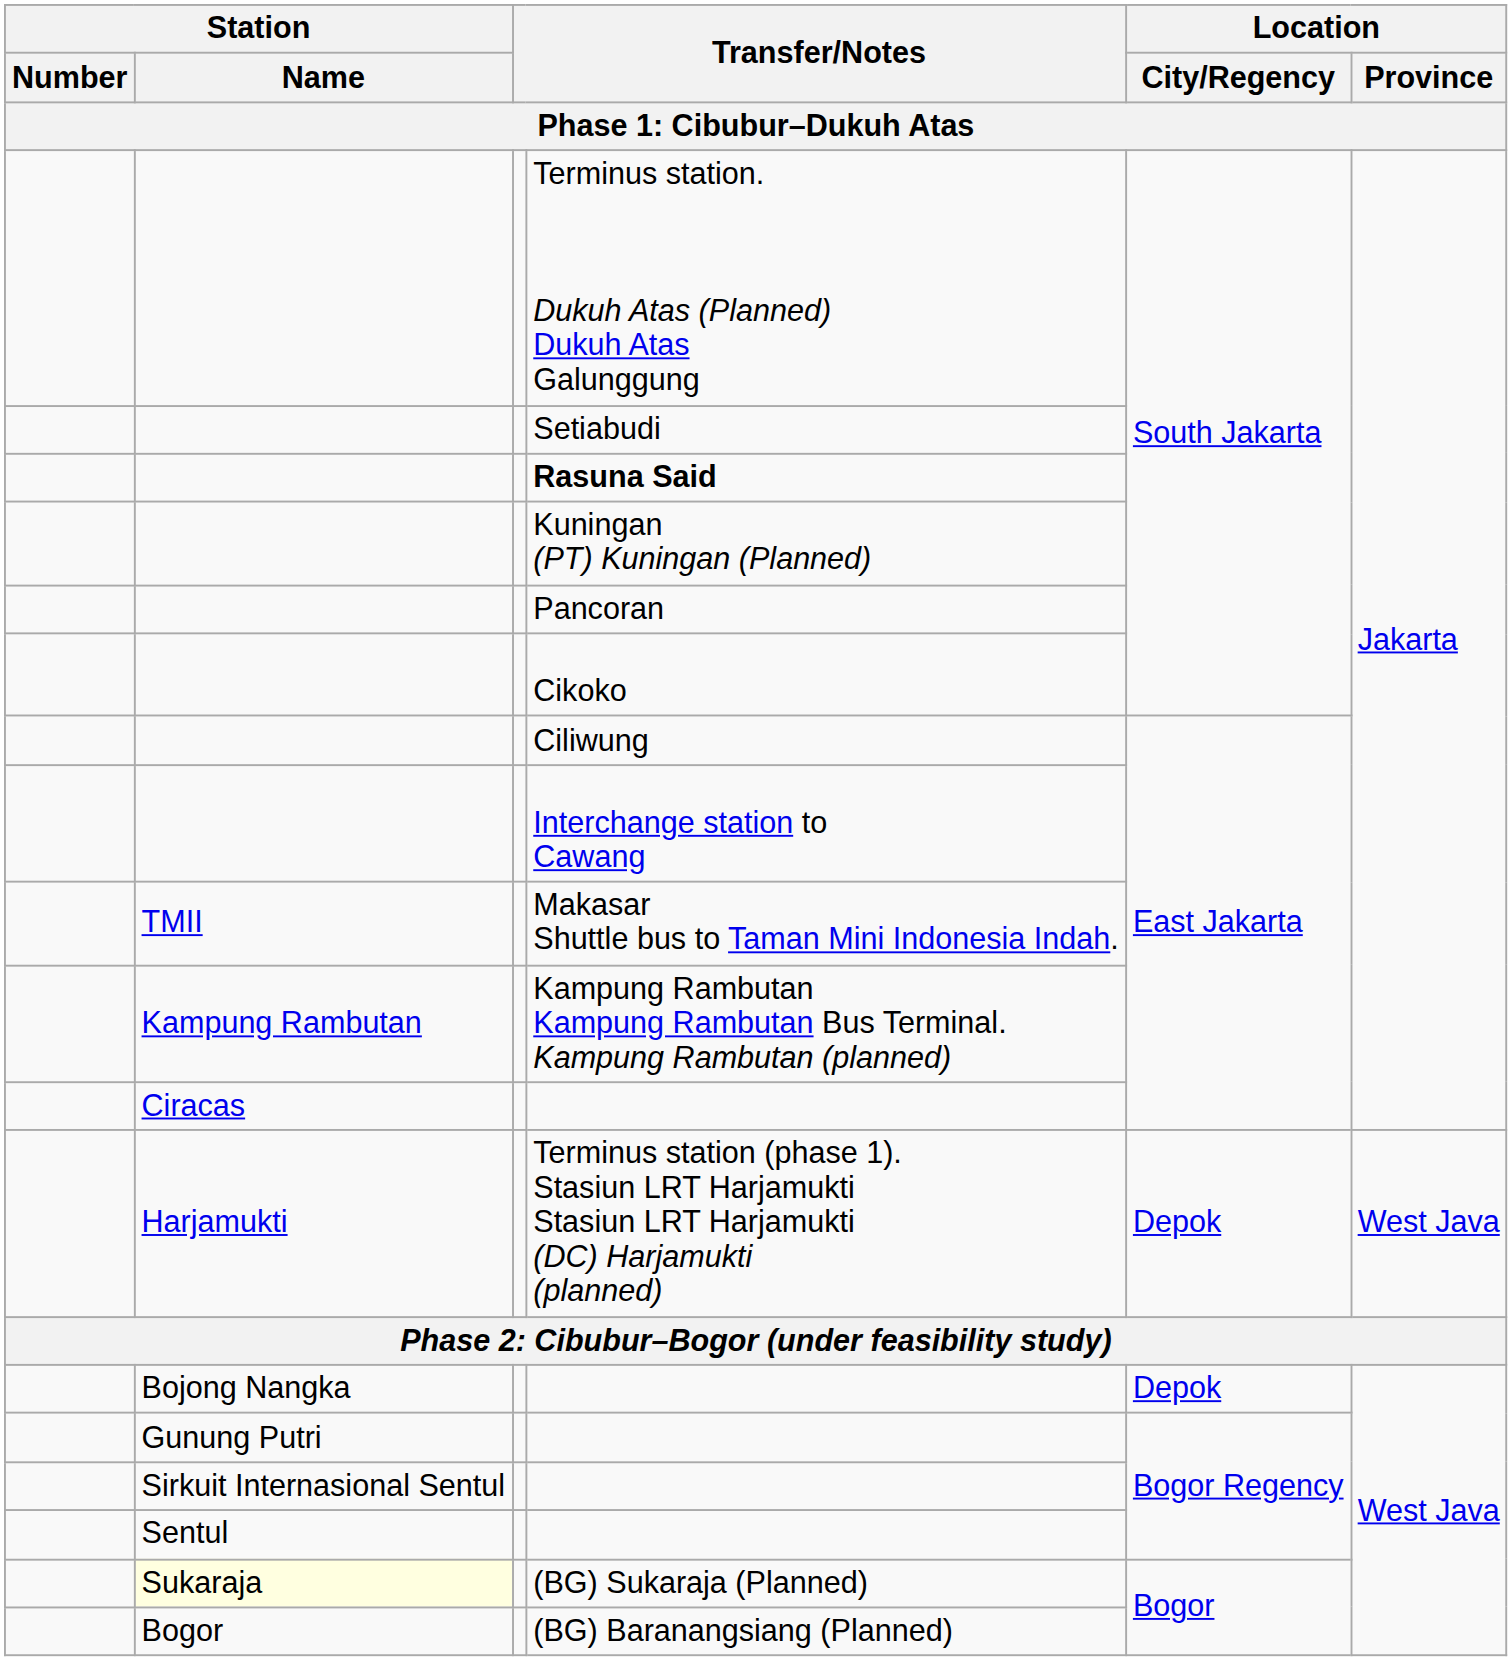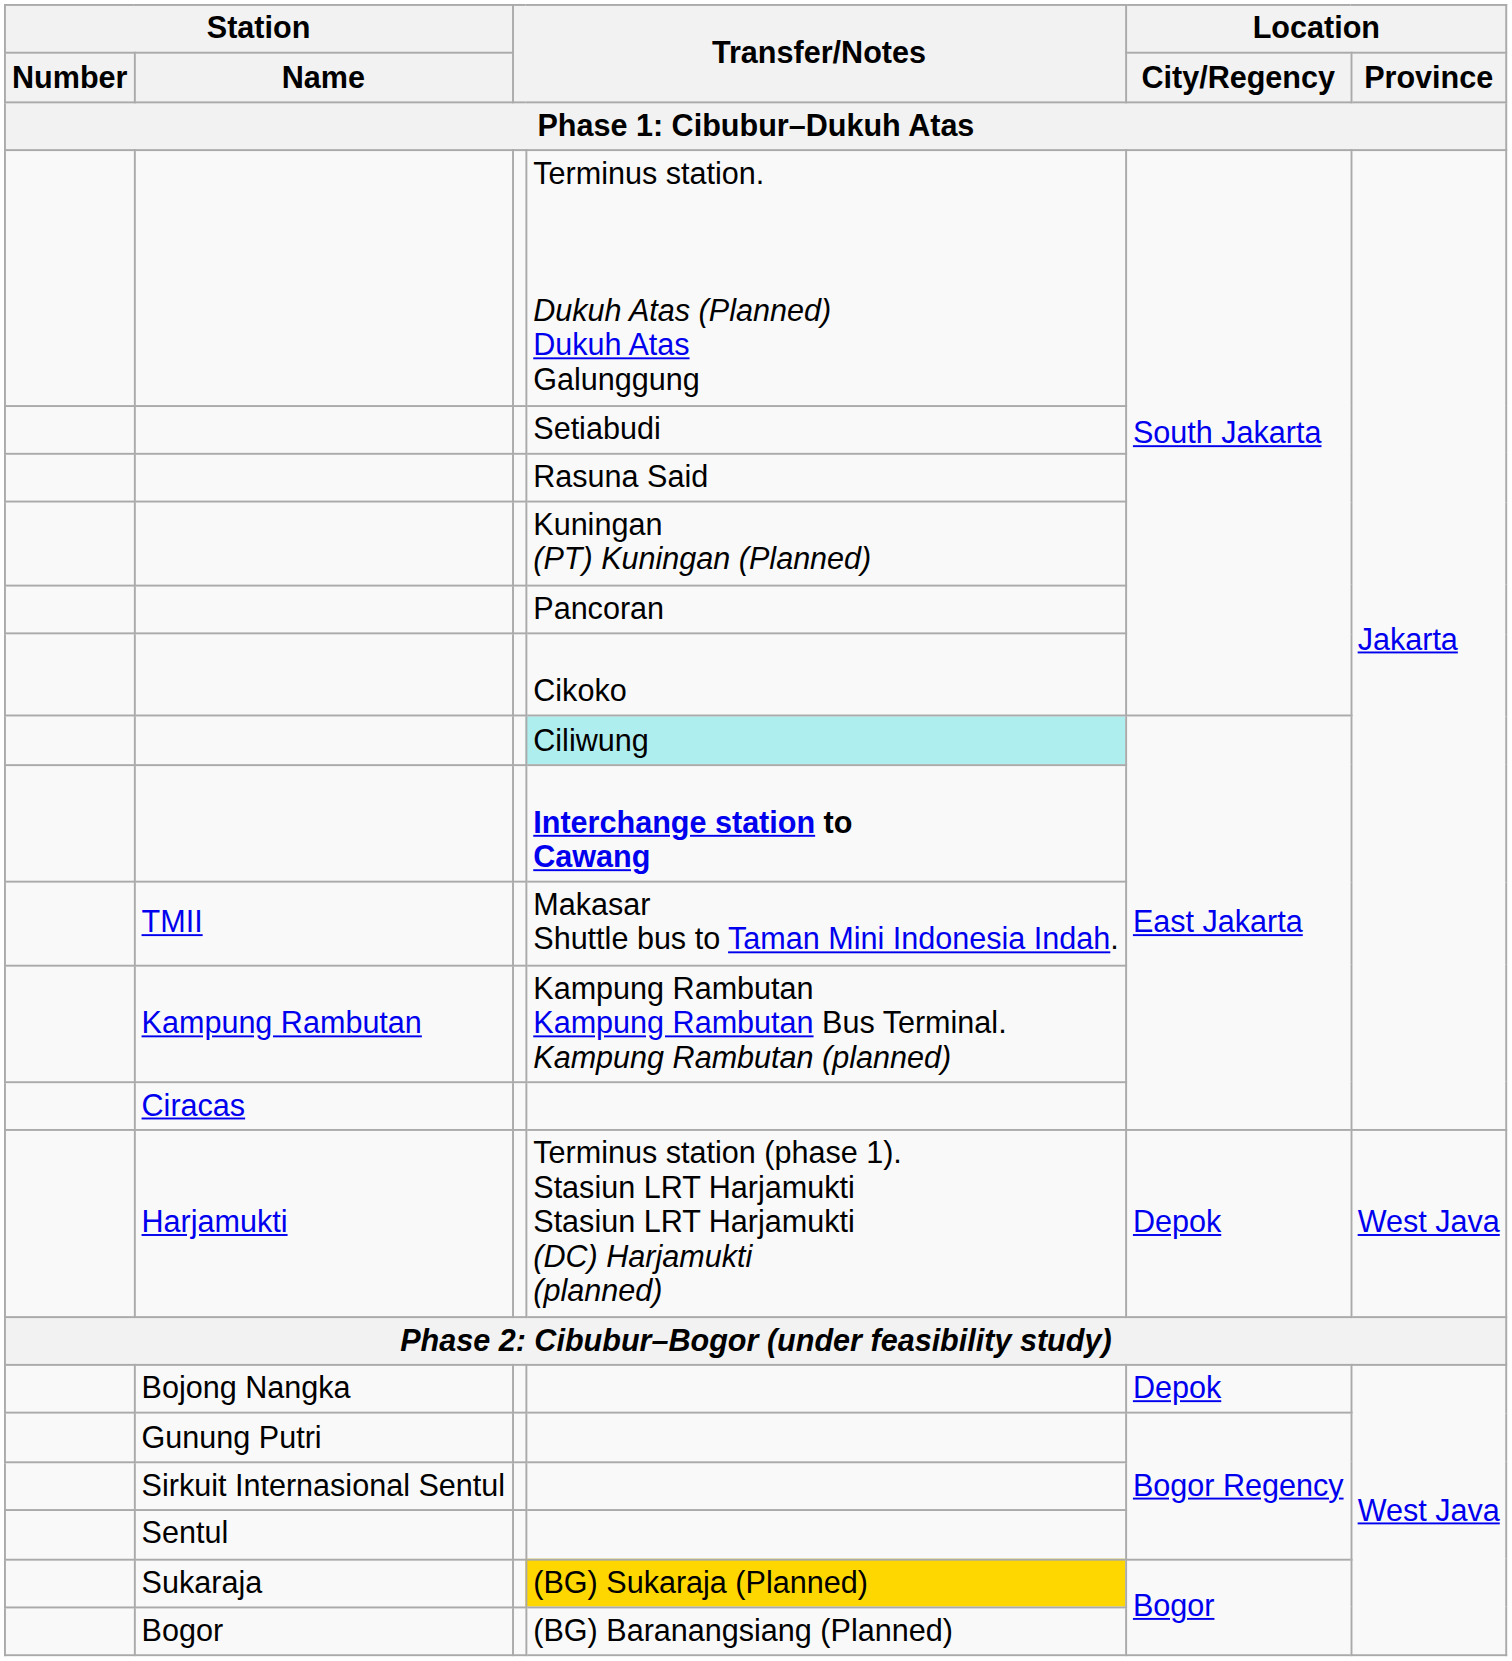 <table class="wikitable">
 <tr>
 <th colspan="2"> Station</th>
 <th colspan="2" rowspan="2">Transfer/Notes</th>
 <th colspan="2">Location</th>
 </tr>
 <tr>
 <th>Number</th>
 <th>Name</th>
 <th>City/Regency</th>
 <th>Province</th>
 </tr>
 <tr>
 <th colspan="6">Phase 1: Cibubur–Dukuh Atas</th>
 </tr>
 <tr>
 <td> </td>
 <td></td>
 <td></td>
 <td>Terminus station.<br> <br> <br>  <br> <em>Dukuh Atas (Planned)</em><br>  <a href='#'>Dukuh Atas</a><br>  Galunggung</td>
 <td rowspan="6"><a href='#'>South Jakarta</a></td>
 <td rowspan="11"><a href='#'>Jakarta</a></td>
 </tr>
 <tr>
 <td> </td>
 <td></td>
 <td></td>
 <td>    Setiabudi</td>
 </tr>
 <tr>
 <td> </td>
 <td></td>
 <td></td>
-<td><strong>    Rasuna Said</strong></td>
+<td>    Rasuna Said</td>
 </tr>
 <tr>
 <td> </td>
 <td></td>
 <td></td>
 <td>    Kuningan<br><em>(PT) Kuningan (Planned)</em></td>
 </tr>
 <tr>
 <td> </td>
 <td></td>
 <td></td>
 <td>    Pancoran</td>
 </tr>
 <tr>
 <td> </td>
 <td></td>
 <td></td>
 <td> <br>   Cikoko</td>
 </tr>
 <tr>
 <td> </td>
 <td></td>
 <td></td>
-<td>   Ciliwung</td>
+<td style="background: paleturquoise;">   Ciliwung</td>
 <td rowspan="5"><a href='#'>East Jakarta</a></td>
 </tr>
 <tr>
 <td> </td>
 <td></td>
 <td></td>
-<td><br><a href='#'>Interchange station</a> to <br>       <a href='#'>Cawang</a></td>
+<td><strong><br><a href='#'>Interchange station</a> to <br>       <a href='#'>Cawang</a></strong></td>
 </tr>
 <tr>
 <td></td>
 <td><a href='#'>TMII</a></td>
 <td></td>
 <td>   Makasar<br> Shuttle bus to <a href='#'>Taman Mini Indonesia Indah</a>.</td>
 </tr>
 <tr>
 <td></td>
 <td><a href='#'>Kampung Rambutan</a></td>
 <td></td>
 <td>   Kampung Rambutan<br> <a href='#'>Kampung Rambutan</a> Bus Terminal.<br> <em>Kampung Rambutan (planned)</em></td>
 </tr>
 <tr>
 <td></td>
 <td><a href='#'>Ciracas</a></td>
 <td></td>
 <td></td>
 </tr>
 <tr>
 <td></td>
 <td><a href='#'>Harjamukti</a></td>
 <td></td>
 <td>Terminus station (phase 1).<br>  Stasiun LRT Harjamukti<br> Stasiun LRT Harjamukti<br><em>(DC) Harjamukti</em><br><em>(planned)</em></td>
 <td rowspan="1"><a href='#'>Depok</a></td>
 <td rowspan="1"><a href='#'>West Java</a></td>
 </tr>
 <tr>
 <th colspan="6"><strong><em>Phase 2: Cibubur–Bogor<em> (under feasibility study)<strong></th>
 </tr>
 <tr>
 <td></td>
 <td>Bojong Nangka</td>
 <td></td>
 <td></td>
 <td rowspan="1"><a href='#'>Depok</a></td>
 <td rowspan="6"><a href='#'>West Java</a></td>
 </tr>
 <tr>
 <td></td>
 <td>Gunung Putri</td>
 <td></td>
 <td></td>
 <td rowspan="3"><a href='#'>Bogor Regency</a></td>
 </tr>
 <tr>
 <td></td>
 <td>Sirkuit Internasional Sentul</td>
 <td></td>
 <td></td>
 </tr>
 <tr>
 <td></td>
 <td>Sentul</td>
 <td></td>
 <td></td>
 </tr>
 <tr>
 <td></td>
-<td style="background: lightyellow;">Sukaraja</td>
+<td>Sukaraja</td>
 <td></td>
-<td></em>(BG) Sukaraja (Planned)<em></td>
+<td style="background: gold;"></em>(BG) Sukaraja (Planned)<em></td>
 <td rowspan="2"><a href='#'>Bogor</a></td>
 </tr>
 <tr>
 <td></td>
 <td>Bogor</td>
 <td></td>
 <td></em>(BG) Baranangsiang (Planned)<em></td>
 </tr>
 </table>
